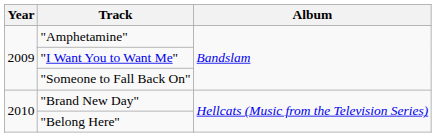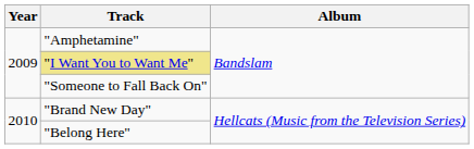 <table class="wikitable sortable">
 <tr>
 <th>Year</th>
 <th>Track</th>
 <th>Album</th>
 </tr>
 <tr>
 <td rowspan="3">2009</td>
 <td>"Amphetamine"</td>
 <td rowspan="3"><em><a href='#'>Bandslam</a></em></td>
 </tr>
 <tr>
-<td>"<a href='#'>I Want You to Want Me</a>"</td>
+<td style="background: khaki;">"<a href='#'>I Want You to Want Me</a>"</td>
 </tr>
 <tr>
 <td>"Someone to Fall Back On"</td>
 </tr>
 <tr>
 <td rowspan="2">2010</td>
 <td>"Brand New Day"</td>
 <td rowspan="2"><em><a href='#'>Hellcats (Music from the Television Series)</a></em></td>
 </tr>
 <tr>
 <td>"Belong Here"</td>
 </tr>
 </table>
